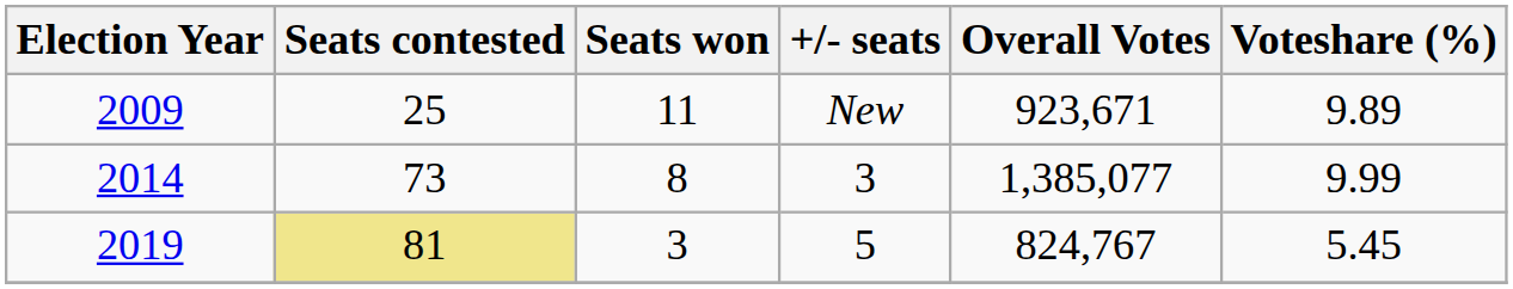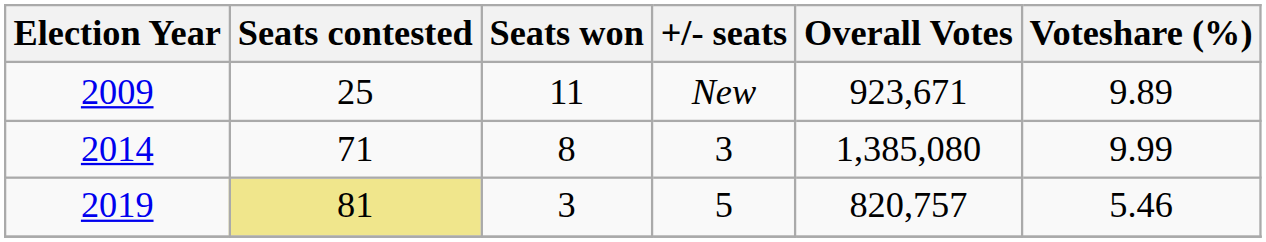 <table class="wikitable" style="text-align:center">
 <tr>
 <th Style="background-color:">Election Year</th>
 <th Style="background-color:">Seats contested</th>
 <th Style="background-color:">Seats won</th>
 <th Style="background-color:">+/- seats</th>
 <th Style="background-color:">Overall Votes</th>
 <th Style="background-color:">Voteshare (%)</th>
 </tr>
 <tr>
 <td><a href='#'>2009</a></td>
 <td>25</td>
 <td>11</td>
 <td><em>New</em></td>
 <td>923,671</td>
 <td>9.89</td>
 </tr>
 <tr>
 <td><a href='#'>2014</a></td>
-<td>73</td>
+<td>71</td>
 <td>8</td>
 <td> 3</td>
-<td>1,385,077</td>
+<td>1,385,080</td>
 <td>9.99</td>
 </tr>
 <tr>
 <td><a href='#'>2019</a></td>
 <td style="background: khaki;">81</td>
 <td>3</td>
 <td> 5</td>
-<td>824,767</td>
-<td>5.45</td>
+<td>820,757</td>
+<td>5.46</td>
 </tr>
 <tr>
 </tr>
 </table>
